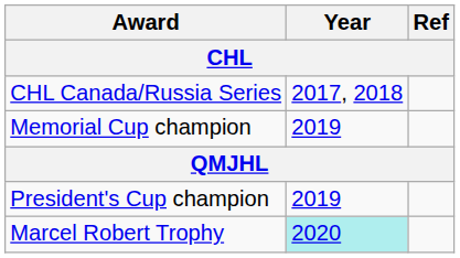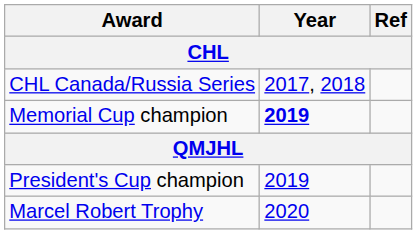 <table class="wikitable">
 <tr>
 <th>Award</th>
 <th>Year</th>
 <th>Ref</th>
 </tr>
 <tr>
 <th colspan="4"><a href='#'>CHL</a></th>
 </tr>
 <tr>
 <td><a href='#'>CHL Canada/Russia Series</a></td>
 <td><a href='#'>2017</a>, <a href='#'>2018</a></td>
 <td></td>
 </tr>
 <tr>
 <td><a href='#'>Memorial Cup</a> champion</td>
-<td><a href='#'>2019</a></td>
+<td><strong><a href='#'>2019</a></strong></td>
 <td></td>
 </tr>
 <tr>
 <th colspan="3"><a href='#'>QMJHL</a></th>
 </tr>
 <tr>
 <td><a href='#'>President's Cup</a> champion</td>
 <td><a href='#'>2019</a></td>
 <td></td>
 </tr>
 <tr>
 <td><a href='#'>Marcel Robert Trophy</a></td>
-<td style="background: paleturquoise;"><a href='#'>2020</a></td>
+<td><a href='#'>2020</a></td>
 <td></td>
 </tr>
 </table>
